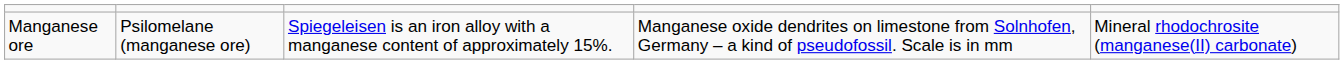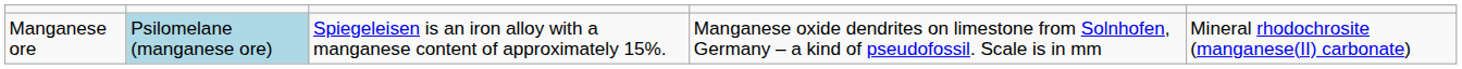 <table class="wikitable">
 <tr>
 <td></td>
 <td></td>
 <td></td>
 <td></td>
 <td></td>
 </tr>
 <tr>
 <td>Manganese ore</td>
-<td>Psilomelane (manganese ore)</td>
+<td style="background: lightblue;">Psilomelane (manganese ore)</td>
 <td><a href='#'>Spiegeleisen</a> is an iron alloy with a manganese content of approximately 15%.</td>
 <td>Manganese oxide dendrites on limestone from <a href='#'>Solnhofen</a>, Germany – a kind of <a href='#'>pseudofossil</a>. Scale is in mm</td>
 <td>Mineral <a href='#'>rhodochrosite</a> (<a href='#'>manganese(II) carbonate</a>)</td>
 </tr>
 </table>
